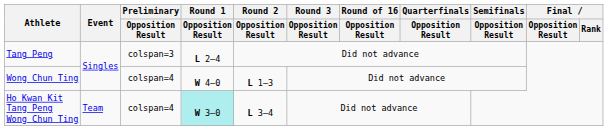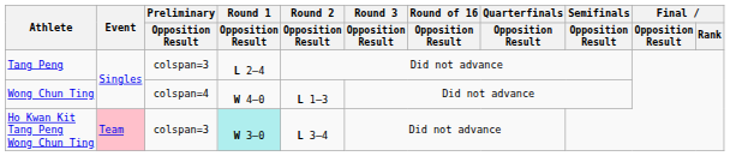 <table class="wikitable" style="font-size:90%;">
 <tr>
 <th rowspan=2>Athlete</th>
 <th rowspan=2>Event</th>
 <th>Preliminary</th>
 <th>Round 1</th>
 <th>Round 2</th>
 <th>Round 3</th>
 <th>Round of 16</th>
 <th>Quarterfinals</th>
 <th>Semifinals</th>
 <th colspan=2>Final / </th>
 </tr>
 <tr style="font-size:95%">
 <th>Opposition<br>Result</th>
 <th>Opposition<br>Result</th>
 <th>Opposition<br>Result</th>
 <th>Opposition<br>Result</th>
 <th>Opposition<br>Result</th>
 <th>Opposition<br>Result</th>
 <th>Opposition<br>Result</th>
 <th>Opposition<br>Result</th>
 <th>Rank</th>
 </tr>
 <tr align=center>
 <td align=left><a href='#'>Tang Peng</a></td>
 <td align=left rowspan=2><a href='#'>Singles</a></td>
 <td>colspan=3 </td>
 <td><br><strong>L</strong> 2–4</td>
 <td colspan=5>Did not advance</td>
 </tr>
 <tr align=center>
 <td align=left><a href='#'>Wong Chun Ting</a></td>
 <td>colspan=4 </td>
 <td><br><strong>W</strong> 4–0</td>
 <td><br><strong>L</strong> 1–3</td>
 <td colspan=4>Did not advance</td>
 </tr>
 <tr align=center>
 <td align=left><a href='#'>Ho Kwan Kit</a><br><a href='#'>Tang Peng</a><br><a href='#'>Wong Chun Ting</a></td>
-<td align=left><a href='#'>Team</a></td>
-<td>colspan=4 </td>
+<td align=left style="background: pink;"><a href='#'>Team</a></td>
+<td>colspan=3 </td>
 <td style="background: paleturquoise;"><br><strong>W</strong> 3–0</td>
 <td><br><strong>L</strong> 3–4</td>
 <td colspan=3>Did not advance</td>
 </tr>
 </table>
